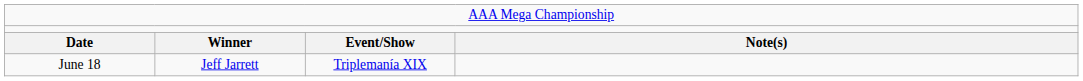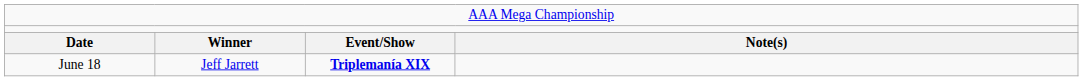 <table class="wikitable" style="text-align:center; width:100%;">
 <tr>
 <td colspan="5"><a href='#'>AAA Mega Championship</a></td>
 </tr>
 <tr>
 <td colspan="5"><strong></strong></td>
 </tr>
 <tr>
 <th width="14%">Date</th>
 <th width="14%">Winner</th>
 <th width="14%">Event/Show</th>
 <th width="58%">Note(s)</th>
 </tr>
 <tr>
 <td>June 18</td>
 <td><a href='#'>Jeff Jarrett</a></td>
-<td><a href='#'>Triplemanía XIX</a></td>
+<td><strong><a href='#'>Triplemanía XIX</a></strong></td>
 <td align="left"></td>
 </tr>
 </table>
